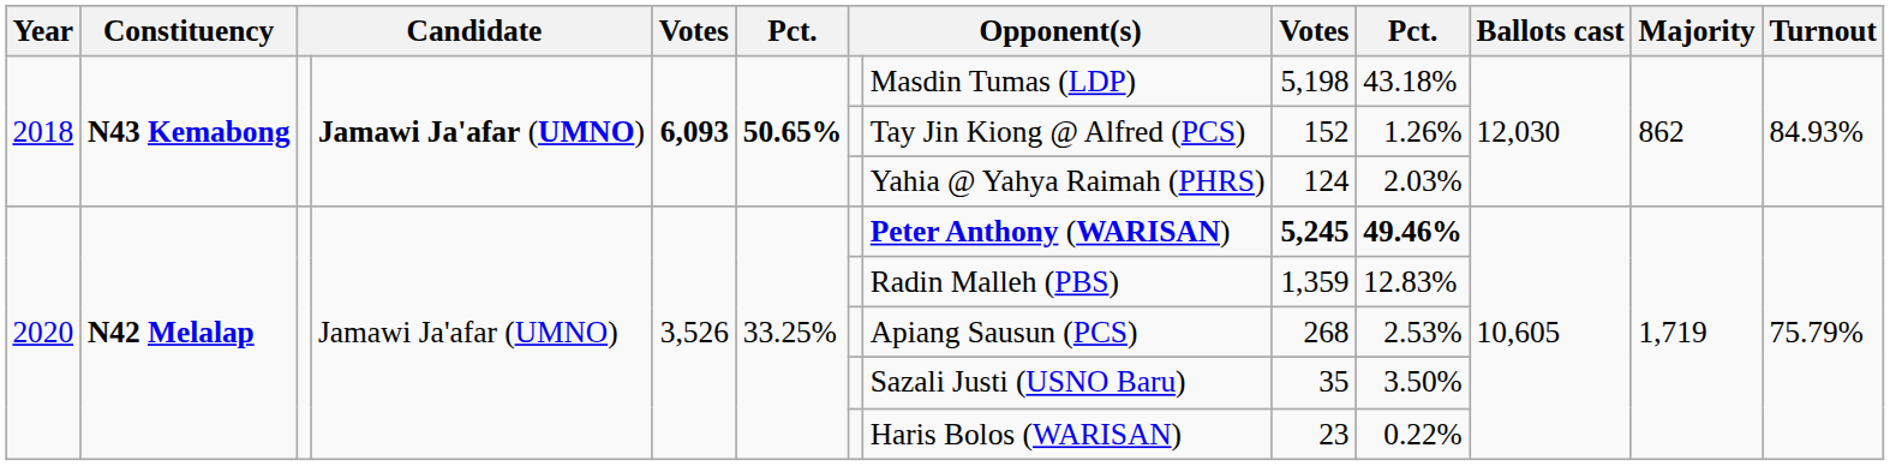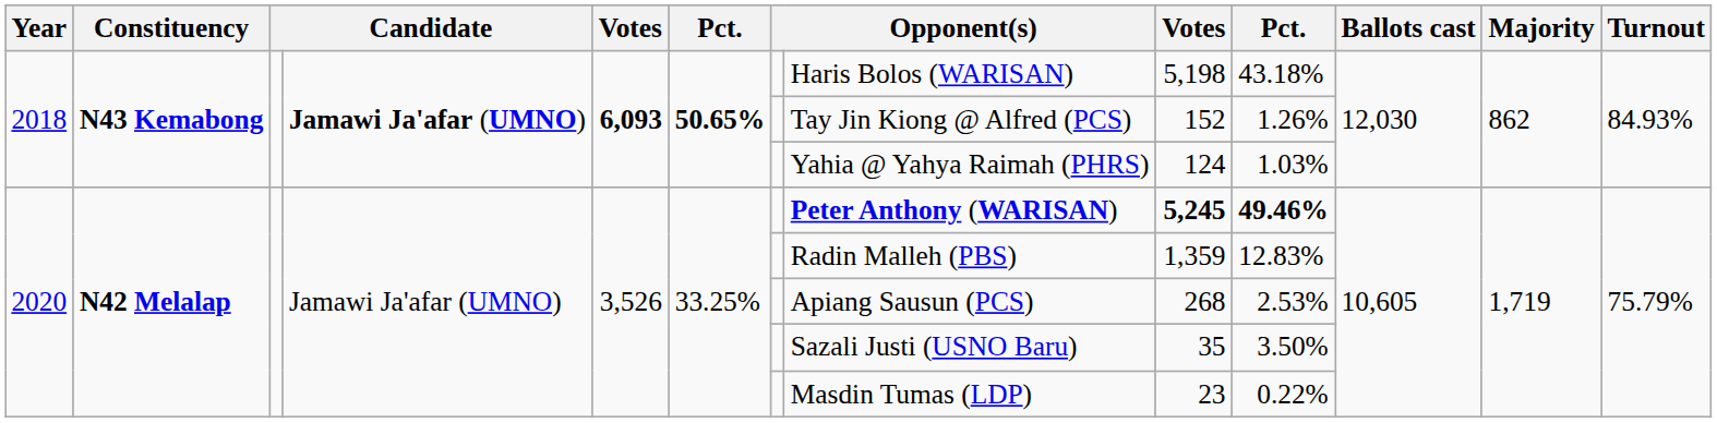 <table class="wikitable" style="margin:0.5em ; font-size:95%">
 <tr>
 <th>Year</th>
 <th>Constituency</th>
 <th colspan=2>Candidate</th>
 <th>Votes</th>
 <th>Pct.</th>
 <th colspan=2>Opponent(s)</th>
 <th>Votes</th>
 <th>Pct.</th>
 <th>Ballots cast</th>
 <th>Majority</th>
 <th>Turnout</th>
 </tr>
 <tr>
 <td rowspan="3"><a href='#'>2018</a></td>
 <td rowspan="3"><strong>N43 <a href='#'>Kemabong</a></strong></td>
 <td rowspan="3" ></td>
 <td rowspan="3"><strong>Jamawi Ja'afar</strong> (<a href='#'><strong>UMNO</strong></a>)</td>
 <td rowspan="3" align=right><strong>6,093</strong></td>
 <td rowspan="3"><strong>50.65%</strong></td>
 <td></td>
-<td>Masdin Tumas (<a href='#'>LDP</a>)</td>
+<td>Haris Bolos (<a href='#'>WARISAN</a>)</td>
 <td align=right>5,198</td>
 <td>43.18%</td>
 <td rowspan="3">12,030</td>
 <td rowspan="3">862</td>
 <td rowspan="3">84.93%</td>
 </tr>
 <tr>
 <td bgcolor= ></td>
 <td>Tay Jin Kiong @ Alfred (<a href='#'>PCS</a>)</td>
 <td align=right>152</td>
 <td align=right>1.26%</td>
 </tr>
 <tr>
 <td bgcolor = ></td>
 <td>Yahia @ Yahya Raimah (<a href='#'>PHRS</a>)</td>
 <td align=right>124</td>
-<td align=right>2.03%</td>
+<td align=right>1.03%</td>
 </tr>
 <tr>
 <td rowspan="5"><a href='#'>2020</a></td>
 <td rowspan="5"><strong>N42 <a href='#'>Melalap</a></strong></td>
 <td rowspan="5" ></td>
 <td rowspan="5">Jamawi Ja'afar (<a href='#'>UMNO</a>)</td>
 <td rowspan="5" align=right>3,526</td>
 <td rowspan="5">33.25%</td>
 <td></td>
 <td><strong><a href='#'>Peter Anthony</a></strong> (<a href='#'><strong>WARISAN</strong></a>)</td>
 <td align=right><strong>5,245</strong></td>
 <td><strong>49.46%</strong></td>
 <td rowspan="5">10,605</td>
 <td rowspan="5">1,719</td>
 <td rowspan="5">75.79%</td>
 </tr>
 <tr>
 <td bgcolor= ></td>
 <td>Radin Malleh (<a href='#'>PBS</a>)</td>
 <td align=right>1,359</td>
 <td>12.83%</td>
 </tr>
 <tr>
 <td bgcolor= ></td>
 <td>Apiang Sausun (<a href='#'>PCS</a>)</td>
 <td align=right>268</td>
 <td align=right>2.53%</td>
 </tr>
 <tr>
 <td bgcolor = ></td>
 <td>Sazali Justi (<a href='#'>USNO Baru</a>)</td>
 <td align=right>35</td>
 <td align=right>3.50%</td>
 </tr>
 <tr>
 <td bgcolor=></td>
-<td>Haris Bolos (<a href='#'>WARISAN</a>)</td>
+<td>Masdin Tumas (<a href='#'>LDP</a>)</td>
 <td align=right>23</td>
 <td align=right>0.22%</td>
 </tr>
 </table>
